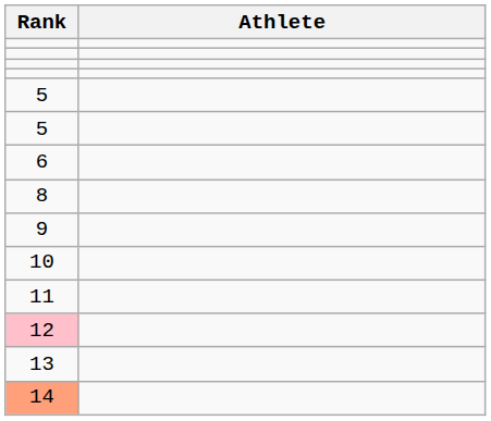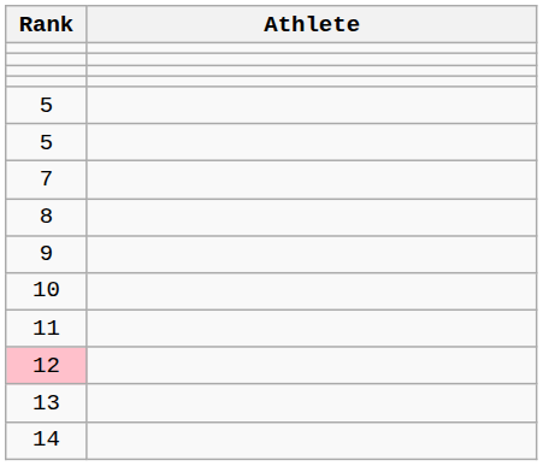 <table class="wikitable" style="text-align: center;">
 <tr>
 <th width=40>Rank</th>
 <th width=250>Athlete</th>
 </tr>
 <tr>
 <td></td>
 <td align=left></td>
 </tr>
 <tr>
 <td></td>
 <td align=left></td>
 </tr>
 <tr>
 <td></td>
 <td align=left></td>
 </tr>
 <tr>
 <td></td>
 <td align=left></td>
 </tr>
 <tr>
 <td>5</td>
 <td align=left></td>
 </tr>
 <tr>
 <td>5</td>
 <td align=left></td>
 </tr>
 <tr>
-<td>6</td>
+<td>7</td>
 <td align=left></td>
 </tr>
 <tr>
 <td>8</td>
 <td align=left></td>
 </tr>
 <tr>
 <td>9</td>
 <td align=left></td>
 </tr>
 <tr>
 <td>10</td>
 <td align=left></td>
 </tr>
 <tr>
 <td>11</td>
 <td align=left></td>
 </tr>
 <tr>
 <td style="background: pink;">12</td>
 <td align=left></td>
 </tr>
 <tr>
 <td>13</td>
 <td align=left></td>
 </tr>
 <tr>
-<td style="background: lightsalmon;">14</td>
+<td>14</td>
 <td align=left></td>
 </tr>
 </table>
